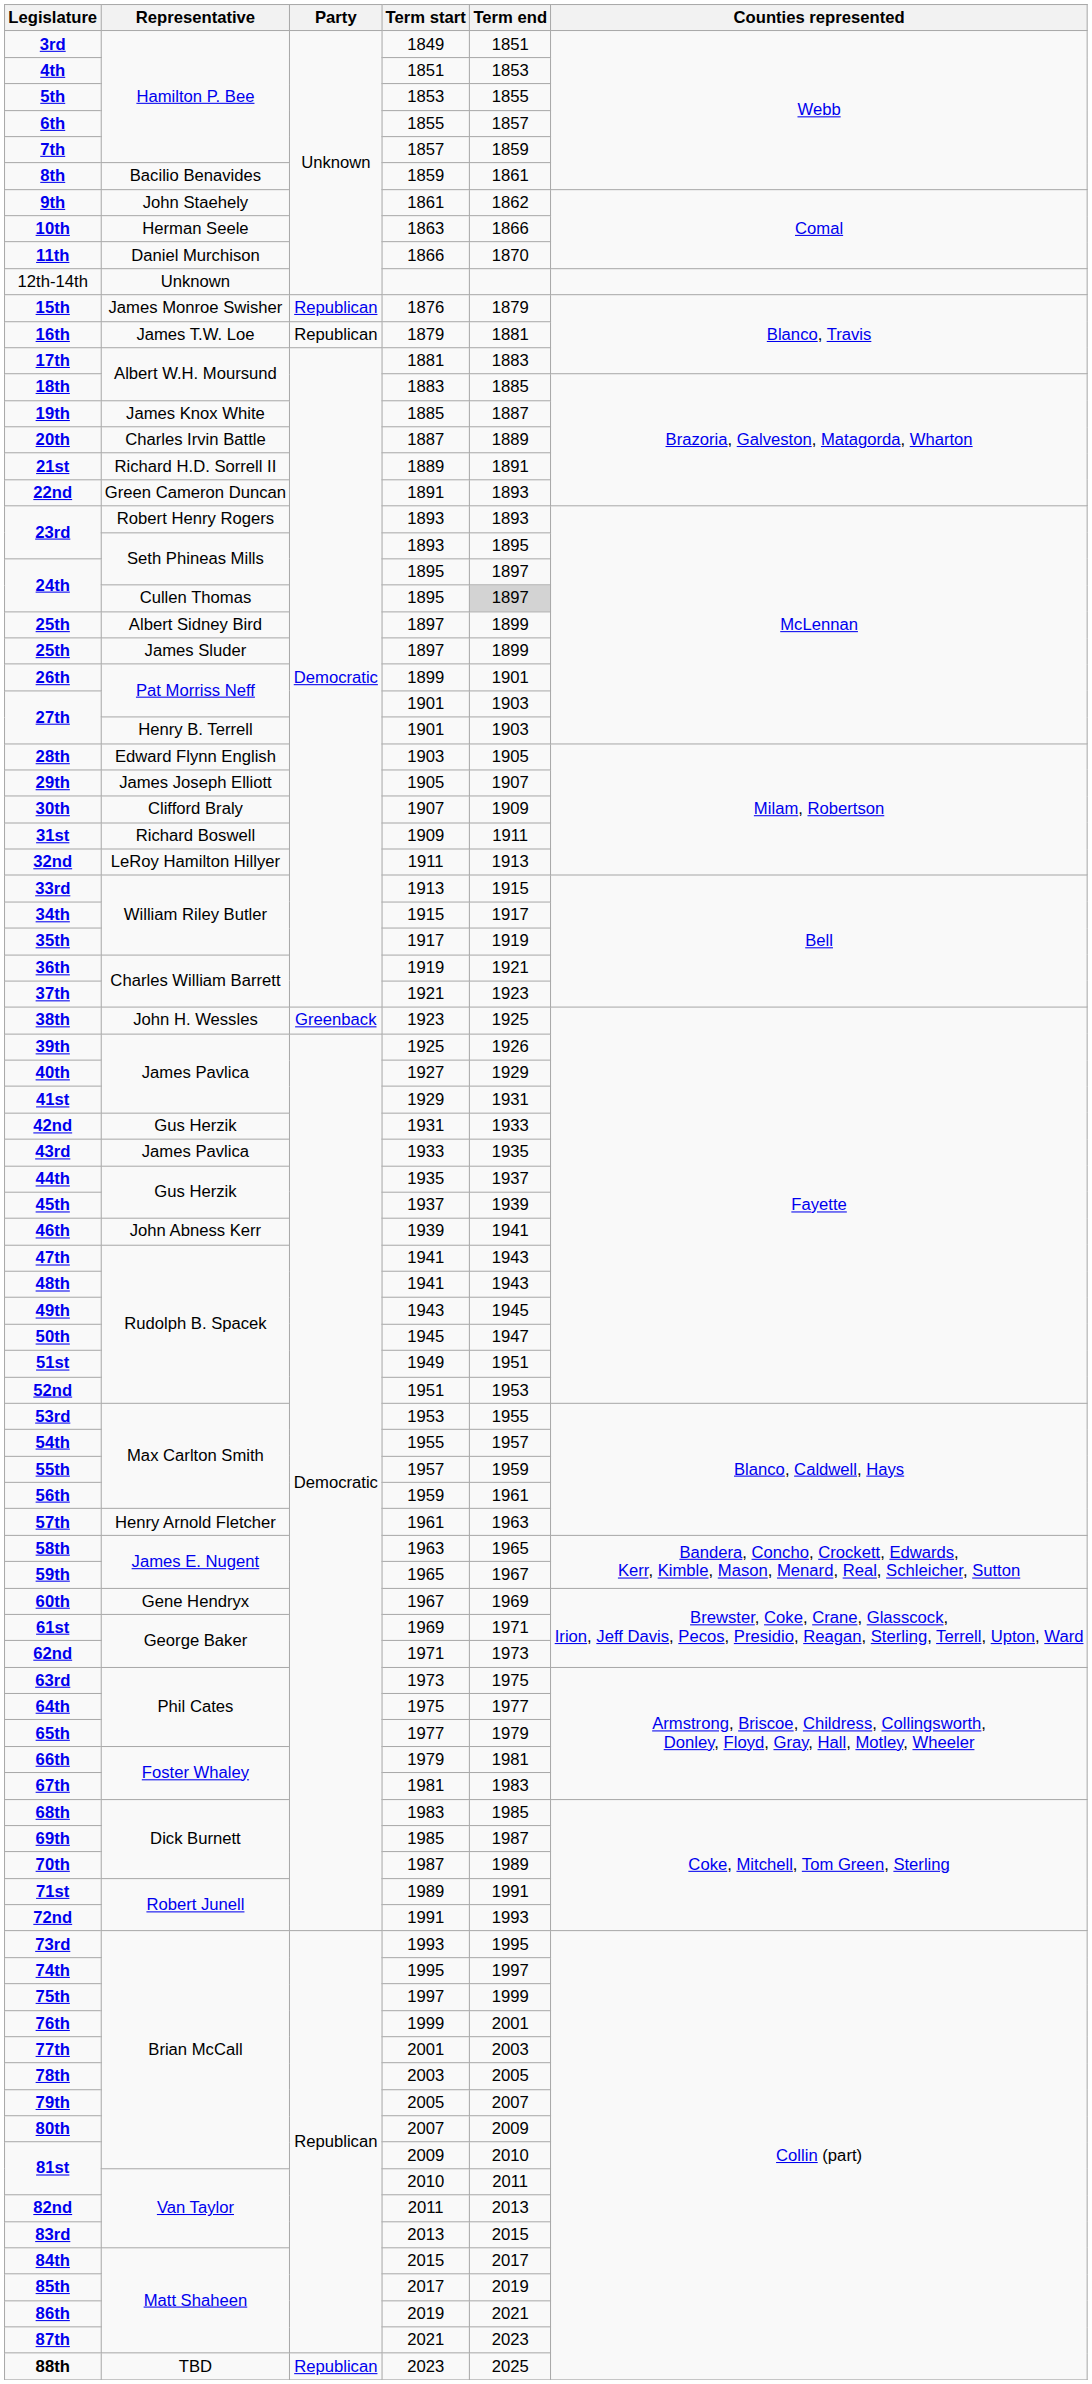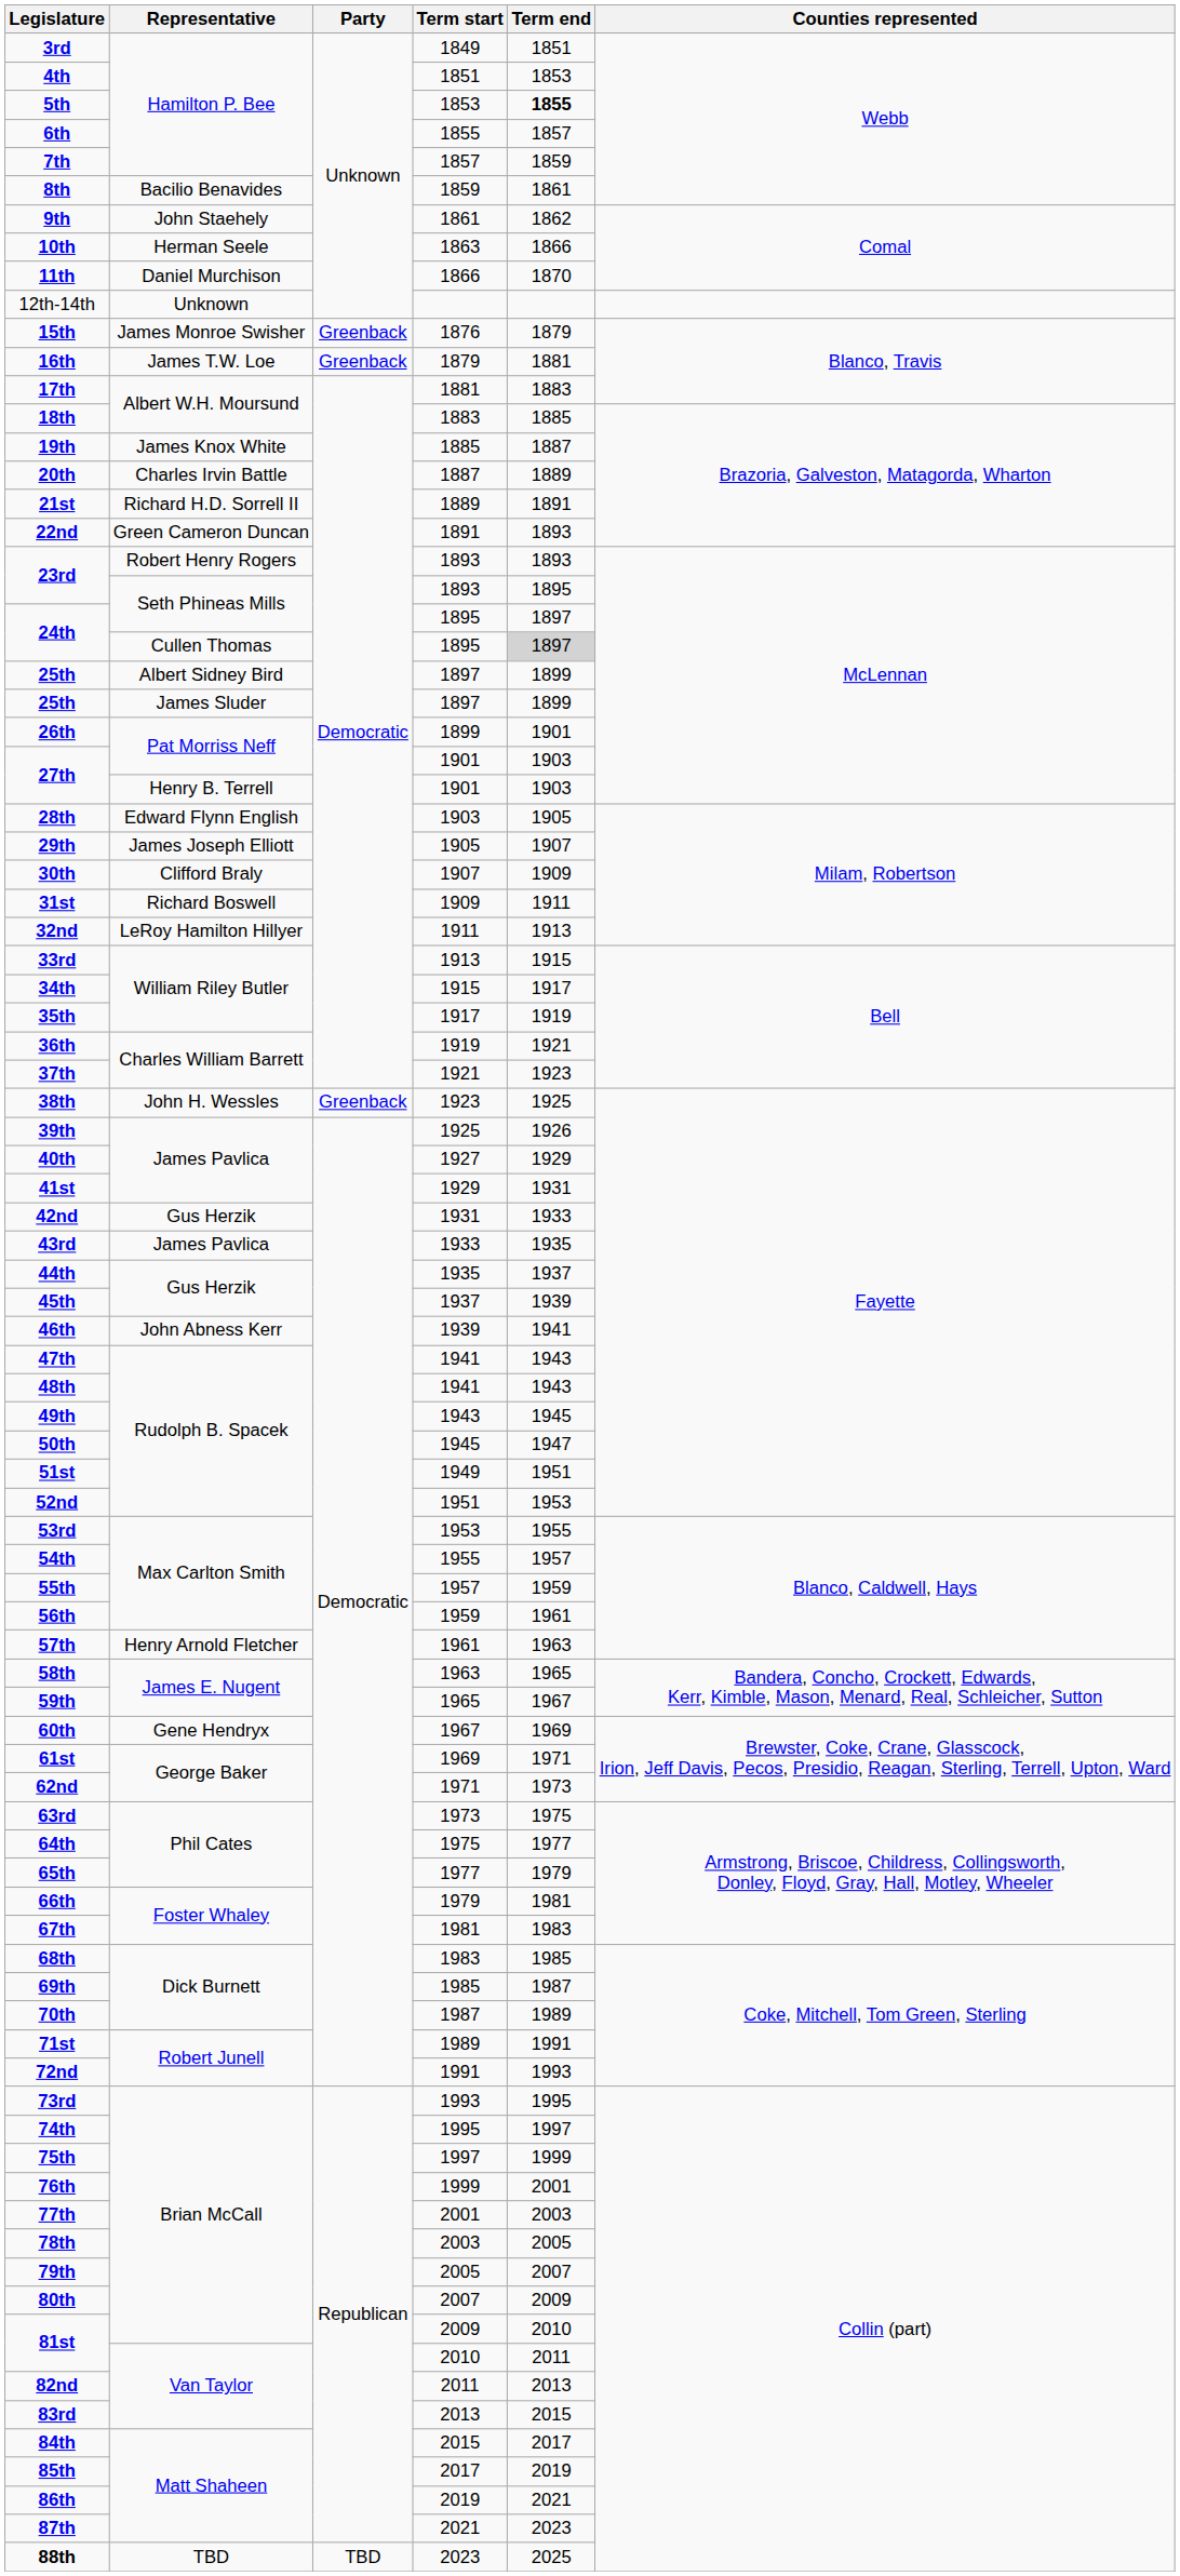 <table class="wikitable" style="text-align:center">
 <tr>
 <th>Legislature</th>
 <th>Representative</th>
 <th>Party</th>
 <th>Term start</th>
 <th>Term end</th>
 <th>Counties represented</th>
 </tr>
 <tr>
 <td><strong><a href='#'>3rd</a></strong></td>
 <td rowspan="5"><a href='#'>Hamilton P. Bee</a></td>
 <td rowspan="10">Unknown</td>
 <td>1849</td>
 <td>1851</td>
 <td rowspan="6"><a href='#'>Webb</a></td>
 </tr>
 <tr>
 <td><a href='#'><strong>4th</strong></a></td>
 <td>1851</td>
 <td>1853</td>
 </tr>
 <tr>
 <td><a href='#'><strong>5th</strong></a></td>
 <td>1853</td>
-<td>1855</td>
+<td><strong>1855</strong></td>
 </tr>
 <tr>
 <td><a href='#'><strong>6th</strong></a></td>
 <td>1855</td>
 <td>1857</td>
 </tr>
 <tr>
 <td><a href='#'><strong>7th</strong></a></td>
 <td>1857</td>
 <td>1859</td>
 </tr>
 <tr>
 <td><a href='#'><strong>8th</strong></a></td>
 <td>Bacilio Benavides</td>
 <td>1859</td>
 <td>1861</td>
 </tr>
 <tr>
 <td><a href='#'><strong>9th</strong></a></td>
 <td>John Staehely</td>
 <td>1861</td>
 <td>1862</td>
 <td rowspan="3"><a href='#'>Comal</a></td>
 </tr>
 <tr>
 <td><a href='#'><strong>10th</strong></a></td>
 <td>Herman Seele</td>
 <td>1863</td>
 <td>1866</td>
 </tr>
 <tr>
 <td><a href='#'><strong>11th</strong></a></td>
 <td>Daniel Murchison</td>
 <td>1866</td>
 <td>1870</td>
 </tr>
 <tr>
 <td>12th-14th</td>
 <td>Unknown</td>
 <td></td>
 <td></td>
 <td></td>
 </tr>
 <tr>
 <td><a href='#'><strong>15th</strong></a></td>
 <td>James Monroe Swisher</td>
-<td><a href='#'>Republican</a></td>
+<td><a href='#'>Greenback</a></td>
 <td>1876</td>
 <td>1879</td>
 <td rowspan="3"><a href='#'>Blanco</a>, <a href='#'>Travis</a></td>
 </tr>
 <tr>
 <td><a href='#'><strong>16th</strong></a></td>
 <td>James T.W. Loe</td>
-<td>Republican</td>
+<td><a href='#'>Greenback</a></td>
 <td>1879</td>
 <td>1881</td>
 </tr>
 <tr>
 <td><a href='#'><strong>17th</strong></a></td>
 <td rowspan="2">Albert W.H. Moursund</td>
 <td rowspan="25" ><a href='#'>Democratic</a></td>
 <td>1881</td>
 <td>1883</td>
 </tr>
 <tr>
 <td><a href='#'><strong>18th</strong></a></td>
 <td>1883</td>
 <td>1885</td>
 <td rowspan="5"><a href='#'>Brazoria</a>, <a href='#'>Galveston</a>, <a href='#'>Matagorda</a>, <a href='#'>Wharton</a></td>
 </tr>
 <tr>
 <td><a href='#'><strong>19th</strong></a></td>
 <td>James Knox White</td>
 <td>1885</td>
 <td>1887</td>
 </tr>
 <tr>
 <td><a href='#'><strong>20th</strong></a></td>
 <td>Charles Irvin Battle</td>
 <td>1887</td>
 <td>1889</td>
 </tr>
 <tr>
 <td><a href='#'><strong>21st</strong></a></td>
 <td>Richard H.D. Sorrell II</td>
 <td>1889</td>
 <td>1891</td>
 </tr>
 <tr>
 <td><a href='#'><strong>22nd</strong></a></td>
 <td>Green Cameron Duncan</td>
 <td>1891</td>
 <td>1893</td>
 </tr>
 <tr>
 <td rowspan="2"><a href='#'><strong>23rd</strong></a></td>
 <td>Robert Henry Rogers</td>
 <td>1893</td>
 <td>1893</td>
 <td rowspan="9"><a href='#'>McLennan</a></td>
 </tr>
 <tr>
 <td rowspan="2">Seth Phineas Mills</td>
 <td>1893</td>
 <td>1895</td>
 </tr>
 <tr>
 <td rowspan="2"><a href='#'><strong>24th</strong></a></td>
 <td>1895</td>
 <td>1897</td>
 </tr>
 <tr>
 <td>Cullen Thomas</td>
 <td>1895</td>
 <td style="background: lightgrey;">1897</td>
 </tr>
 <tr>
 <td><a href='#'><strong>25th</strong></a></td>
 <td>Albert Sidney Bird</td>
 <td>1897</td>
 <td>1899</td>
 </tr>
 <tr>
 <td><a href='#'><strong>25th</strong></a></td>
 <td>James Sluder</td>
 <td>1897</td>
 <td>1899</td>
 </tr>
 <tr>
 <td><a href='#'><strong>26th</strong></a></td>
 <td rowspan="2"><a href='#'>Pat Morriss Neff</a></td>
 <td>1899</td>
 <td>1901</td>
 </tr>
 <tr>
 <td rowspan="2"><a href='#'><strong>27th</strong></a></td>
 <td>1901</td>
 <td>1903</td>
 </tr>
 <tr>
 <td>Henry B. Terrell</td>
 <td>1901</td>
 <td>1903</td>
 </tr>
 <tr>
 <td><a href='#'><strong>28th</strong></a></td>
 <td>Edward Flynn English</td>
 <td>1903</td>
 <td>1905</td>
 <td rowspan="5"><a href='#'>Milam</a>, <a href='#'>Robertson</a></td>
 </tr>
 <tr>
 <td><a href='#'><strong>29th</strong></a></td>
 <td>James Joseph Elliott</td>
 <td>1905</td>
 <td>1907</td>
 </tr>
 <tr>
 <td><a href='#'><strong>30th</strong></a></td>
 <td>Clifford Braly</td>
 <td>1907</td>
 <td>1909</td>
 </tr>
 <tr>
 <td><a href='#'><strong>31st</strong></a></td>
 <td>Richard Boswell</td>
 <td>1909</td>
 <td>1911</td>
 </tr>
 <tr>
 <td><a href='#'><strong>32nd</strong></a></td>
 <td>LeRoy Hamilton Hillyer</td>
 <td>1911</td>
 <td>1913</td>
 </tr>
 <tr>
 <td><a href='#'><strong>33rd</strong></a></td>
 <td rowspan="3">William Riley Butler</td>
 <td>1913</td>
 <td>1915</td>
 <td rowspan="5"><a href='#'>Bell</a></td>
 </tr>
 <tr>
 <td><a href='#'><strong>34th</strong></a></td>
 <td>1915</td>
 <td>1917</td>
 </tr>
 <tr>
 <td><a href='#'><strong>35th</strong></a></td>
 <td>1917</td>
 <td>1919</td>
 </tr>
 <tr>
 <td><a href='#'><strong>36th</strong></a></td>
 <td rowspan="2">Charles William Barrett</td>
 <td>1919</td>
 <td>1921</td>
 </tr>
 <tr>
 <td><a href='#'><strong>37th</strong></a></td>
 <td>1921</td>
 <td>1923</td>
 </tr>
 <tr>
 <td><a href='#'><strong>38th</strong></a></td>
 <td>John H. Wessles</td>
 <td><a href='#'>Greenback</a></td>
 <td>1923</td>
 <td>1925</td>
 <td rowspan="15"><a href='#'>Fayette</a></td>
 </tr>
 <tr>
 <td><a href='#'><strong>39th</strong></a></td>
 <td rowspan="3">James Pavlica</td>
 <td rowspan="34" >Democratic</td>
 <td>1925</td>
 <td>1926</td>
 </tr>
 <tr>
 <td><a href='#'><strong>40th</strong></a></td>
 <td>1927</td>
 <td>1929</td>
 </tr>
 <tr>
 <td><a href='#'><strong>41st</strong></a></td>
 <td>1929</td>
 <td>1931</td>
 </tr>
 <tr>
 <td><a href='#'><strong>42nd</strong></a></td>
 <td>Gus Herzik</td>
 <td>1931</td>
 <td>1933</td>
 </tr>
 <tr>
 <td><a href='#'><strong>43rd</strong></a></td>
 <td>James Pavlica</td>
 <td>1933</td>
 <td>1935</td>
 </tr>
 <tr>
 <td><a href='#'><strong>44th</strong></a></td>
 <td rowspan="2">Gus Herzik</td>
 <td>1935</td>
 <td>1937</td>
 </tr>
 <tr>
 <td><a href='#'><strong>45th</strong></a></td>
 <td>1937</td>
 <td>1939</td>
 </tr>
 <tr>
 <td><a href='#'><strong>46th</strong></a></td>
 <td>John Abness Kerr</td>
 <td>1939</td>
 <td>1941</td>
 </tr>
 <tr>
 <td><a href='#'><strong>47th</strong></a></td>
 <td rowspan="6">Rudolph B. Spacek</td>
 <td>1941</td>
 <td>1943</td>
 </tr>
 <tr>
 <td><a href='#'><strong>48th</strong></a></td>
 <td>1941</td>
 <td>1943</td>
 </tr>
 <tr>
 <td><a href='#'><strong>49th</strong></a></td>
 <td>1943</td>
 <td>1945</td>
 </tr>
 <tr>
 <td><a href='#'><strong>50th</strong></a></td>
 <td>1945</td>
 <td>1947</td>
 </tr>
 <tr>
 <td><a href='#'><strong>51st</strong></a></td>
 <td>1949</td>
 <td>1951</td>
 </tr>
 <tr>
 <td><a href='#'><strong>52nd</strong></a></td>
 <td>1951</td>
 <td>1953</td>
 </tr>
 <tr>
 <td><a href='#'><strong>53rd</strong></a></td>
 <td rowspan="4">Max Carlton Smith</td>
 <td>1953</td>
 <td>1955</td>
 <td rowspan="5"><a href='#'>Blanco</a>, <a href='#'>Caldwell</a>, <a href='#'>Hays</a></td>
 </tr>
 <tr>
 <td><a href='#'><strong>54th</strong></a></td>
 <td>1955</td>
 <td>1957</td>
 </tr>
 <tr>
 <td><a href='#'><strong>55th</strong></a></td>
 <td>1957</td>
 <td>1959</td>
 </tr>
 <tr>
 <td><a href='#'><strong>56th</strong></a></td>
 <td>1959</td>
 <td>1961</td>
 </tr>
 <tr>
 <td><a href='#'><strong>57th</strong></a></td>
 <td>Henry Arnold Fletcher</td>
 <td>1961</td>
 <td>1963</td>
 </tr>
 <tr>
 <td><a href='#'><strong>58th</strong></a></td>
 <td rowspan="2"><a href='#'>James E. Nugent</a></td>
 <td>1963</td>
 <td>1965</td>
 <td rowspan="2"><a href='#'>Bandera</a>, <a href='#'>Concho</a>, <a href='#'>Crockett</a>, <a href='#'>Edwards</a>,<br><a href='#'>Kerr</a>, <a href='#'>Kimble</a>, <a href='#'>Mason</a>, <a href='#'>Menard</a>,  <a href='#'>Real</a>, <a href='#'>Schleicher</a>, <a href='#'>Sutton</a></td>
 </tr>
 <tr>
 <td><a href='#'><strong>59th</strong></a></td>
 <td>1965</td>
 <td>1967</td>
 </tr>
 <tr>
 <td><a href='#'><strong>60th</strong></a></td>
 <td>Gene Hendryx</td>
 <td>1967</td>
 <td>1969</td>
 <td rowspan="3"><a href='#'>Brewster</a>, <a href='#'>Coke</a>, <a href='#'>Crane</a>, <a href='#'>Glasscock</a>,<br><a href='#'>Irion</a>, <a href='#'>Jeff Davis</a>, <a href='#'>Pecos</a>, <a href='#'>Presidio</a>,  <a href='#'>Reagan</a>, <a href='#'>Sterling</a>, <a href='#'>Terrell</a>, <a href='#'>Upton</a>, <a href='#'>Ward</a></td>
 </tr>
 <tr>
 <td><a href='#'><strong>61st</strong></a></td>
 <td rowspan="2">George Baker</td>
 <td>1969</td>
 <td>1971</td>
 </tr>
 <tr>
 <td><a href='#'><strong>62nd</strong></a></td>
 <td>1971</td>
 <td>1973</td>
 </tr>
 <tr>
 <td><a href='#'><strong>63rd</strong></a></td>
 <td rowspan="3">Phil Cates</td>
 <td>1973</td>
 <td>1975</td>
 <td rowspan="5"><a href='#'>Armstrong</a>, <a href='#'>Briscoe</a>, <a href='#'>Childress</a>, <a href='#'>Collingsworth</a>,<br><a href='#'>Donley</a>, <a href='#'>Floyd</a>, <a href='#'>Gray</a>, <a href='#'>Hall</a>, <a href='#'>Motley</a>, <a href='#'>Wheeler</a></td>
 </tr>
 <tr>
 <td><a href='#'><strong>64th</strong></a></td>
 <td>1975</td>
 <td>1977</td>
 </tr>
 <tr>
 <td><a href='#'><strong>65th</strong></a></td>
 <td>1977</td>
 <td>1979</td>
 </tr>
 <tr>
 <td><a href='#'><strong>66th</strong></a></td>
 <td rowspan="2"><a href='#'>Foster Whaley</a></td>
 <td>1979</td>
 <td>1981</td>
 </tr>
 <tr>
 <td><a href='#'><strong>67th</strong></a></td>
 <td>1981</td>
 <td>1983</td>
 </tr>
 <tr>
 <td><a href='#'><strong>68th</strong></a></td>
 <td rowspan="3">Dick Burnett</td>
 <td>1983</td>
 <td>1985</td>
 <td rowspan="5"><a href='#'>Coke</a>, <a href='#'>Mitchell</a>, <a href='#'>Tom Green</a>, <a href='#'>Sterling</a></td>
 </tr>
 <tr>
 <td><a href='#'><strong>69th</strong></a></td>
 <td>1985</td>
 <td>1987</td>
 </tr>
 <tr>
 <td><a href='#'><strong>70th</strong></a></td>
 <td>1987</td>
 <td>1989</td>
 </tr>
 <tr>
 <td><a href='#'><strong>71st</strong></a></td>
 <td rowspan="2"><a href='#'>Robert Junell</a></td>
 <td>1989</td>
 <td>1991</td>
 </tr>
 <tr>
 <td><a href='#'><strong>72nd</strong></a></td>
 <td>1991</td>
 <td>1993</td>
 </tr>
 <tr>
 <td><a href='#'><strong>73rd</strong></a></td>
 <td rowspan="9">Brian McCall</td>
 <td rowspan="16" >Republican</td>
 <td>1993</td>
 <td>1995</td>
 <td rowspan="17"><a href='#'>Collin</a> (part)</td>
 </tr>
 <tr>
 <td><a href='#'><strong>74th</strong></a></td>
 <td>1995</td>
 <td>1997</td>
 </tr>
 <tr>
 <td><a href='#'><strong>75th</strong></a></td>
 <td>1997</td>
 <td>1999</td>
 </tr>
 <tr>
 <td><a href='#'><strong>76th</strong></a></td>
 <td>1999</td>
 <td>2001</td>
 </tr>
 <tr>
 <td><a href='#'><strong>77th</strong></a></td>
 <td>2001</td>
 <td>2003</td>
 </tr>
 <tr>
 <td><a href='#'><strong>78th</strong></a></td>
 <td>2003</td>
 <td>2005</td>
 </tr>
 <tr>
 <td><a href='#'><strong>79th</strong></a></td>
 <td>2005</td>
 <td>2007</td>
 </tr>
 <tr>
 <td><a href='#'><strong>80th</strong></a></td>
 <td>2007</td>
 <td>2009</td>
 </tr>
 <tr>
 <td rowspan="2"><a href='#'><strong>81st</strong></a></td>
 <td>2009</td>
 <td>2010</td>
 </tr>
 <tr>
 <td rowspan="3"><a href='#'>Van Taylor</a></td>
 <td>2010</td>
 <td>2011</td>
 </tr>
 <tr>
 <td><a href='#'><strong>82nd</strong></a></td>
 <td>2011</td>
 <td>2013</td>
 </tr>
 <tr>
 <td><a href='#'><strong>83rd</strong></a></td>
 <td>2013</td>
 <td>2015</td>
 </tr>
 <tr>
 <td><a href='#'><strong>84th</strong></a></td>
 <td rowspan="4"><a href='#'>Matt Shaheen</a></td>
 <td>2015</td>
 <td>2017</td>
 </tr>
 <tr>
 <td><a href='#'><strong>85th</strong></a></td>
 <td>2017</td>
 <td>2019</td>
 </tr>
 <tr>
 <td><a href='#'><strong>86th</strong></a></td>
 <td>2019</td>
 <td>2021</td>
 </tr>
 <tr>
 <td><a href='#'><strong>87th</strong></a></td>
 <td>2021</td>
 <td>2023</td>
 </tr>
 <tr>
 <td><strong>88th</strong></td>
 <td>TBD</td>
-<td><a href='#'>Republican</a></td>
+<td>TBD</td>
 <td>2023</td>
 <td>2025</td>
 </tr>
 </table>
